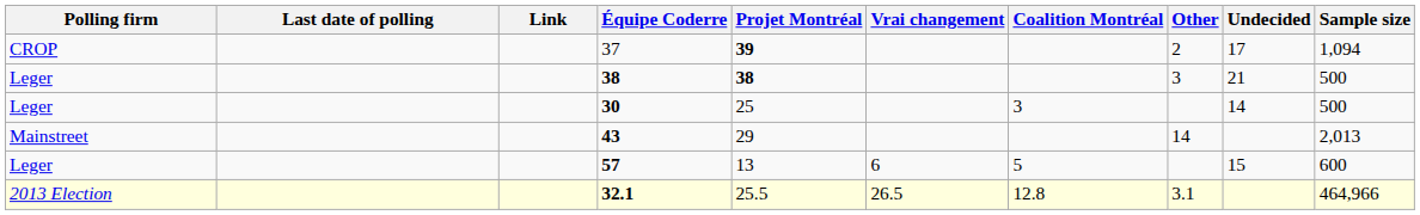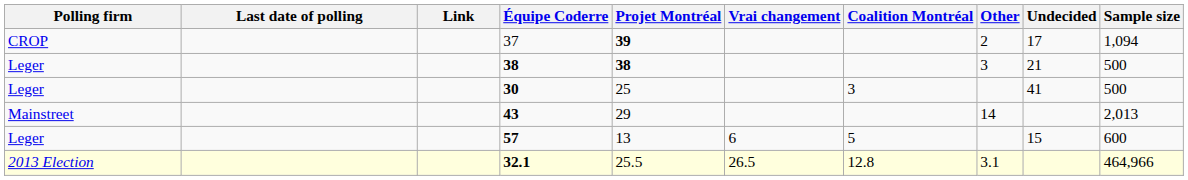 <table class="wikitable sortable">
 <tr style="background:#e9e9e9;">
 <th width=15%>Polling firm</th>
 <th width=20%>Last date of polling</th>
 <th style="width:7%;" class="unsortable">Link</th>
 <th style="background-color:"><strong><a href='#'>Équipe Coderre</a></strong></th>
 <th style="background-color:"><strong><a href='#'><span>Projet Montréal</span></a></strong></th>
 <th style="background-color:"><strong><a href='#'>Vrai changement</a></strong></th>
 <th style="background-color:"><strong><a href='#'>Coalition Montréal</a></strong></th>
 <th style="background-color:"><strong><a href='#'>Other</a></strong></th>
 <th style="background-color:">Undecided</th>
 <th>Sample size</th>
 </tr>
 <tr>
 <td><a href='#'>CROP</a></td>
 <td></td>
 <td></td>
 <td>37</td>
 <td><strong>39</strong></td>
 <td></td>
 <td></td>
 <td>2</td>
 <td>17</td>
 <td>1,094</td>
 </tr>
 <tr>
 <td><a href='#'>Leger</a></td>
 <td></td>
 <td> </td>
 <td><strong>38</strong></td>
 <td><strong>38</strong></td>
 <td></td>
 <td></td>
 <td>3</td>
 <td>21</td>
 <td>500</td>
 </tr>
 <tr>
 <td><a href='#'>Leger</a></td>
 <td></td>
 <td></td>
 <td><strong>30</strong></td>
 <td>25</td>
 <td></td>
 <td>3</td>
 <td></td>
-<td>14</td>
+<td>41</td>
 <td>500</td>
 </tr>
 <tr>
 <td><a href='#'>Mainstreet</a></td>
 <td></td>
 <td></td>
 <td><strong>43</strong></td>
 <td>29</td>
 <td></td>
 <td></td>
 <td>14</td>
 <td></td>
 <td>2,013</td>
 </tr>
 <tr>
 <td><a href='#'>Leger</a></td>
 <td></td>
 <td></td>
 <td><strong>57</strong></td>
 <td>13</td>
 <td>6</td>
 <td>5</td>
 <td></td>
 <td>15</td>
 <td>600</td>
 </tr>
 <tr>
 <td style="background:#ffd"><em><a href='#'>2013 Election</a></em></td>
 <td style="background:#ffd"></td>
 <td style="background:#ffd"></td>
 <td style="background:#ffd"><strong>32.1</strong></td>
 <td style="background:#ffd">25.5</td>
 <td style="background:#ffd">26.5</td>
 <td style="background:#ffd">12.8</td>
 <td style="background:#ffd">3.1</td>
 <td style="background:#ffd"></td>
 <td style="background:#ffd">464,966</td>
 </tr>
 </table>
